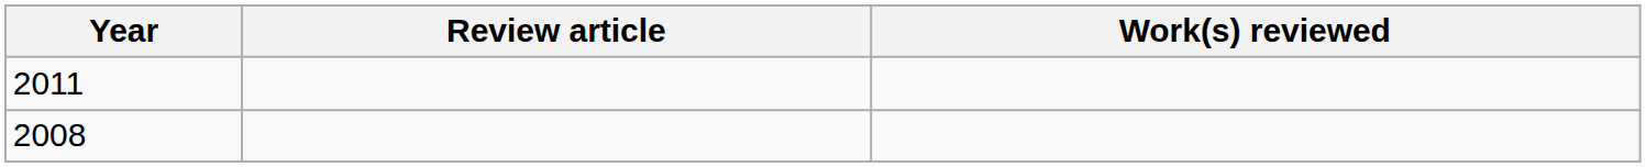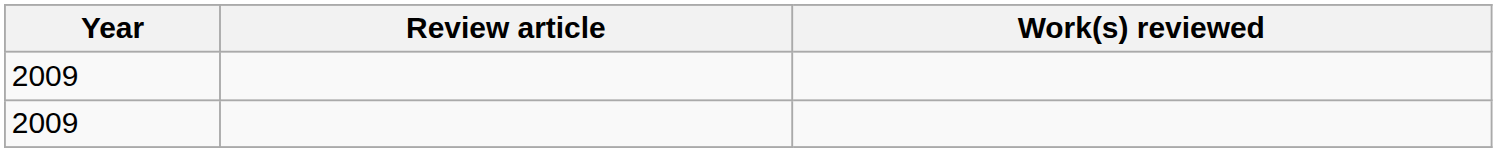 <table class='wikitable sortable' width='90%'>
 <tr>
 <th>Year</th>
 <th class='unsortable'>Review article</th>
 <th class='unsortable'>Work(s) reviewed</th>
 </tr>
 <tr>
-<td>2011</td>
+<td>2009</td>
 <td></td>
 <td></td>
 </tr>
 <tr>
-<td>2008</td>
+<td>2009</td>
 <td></td>
 <td></td>
 </tr>
 </table>
